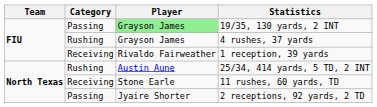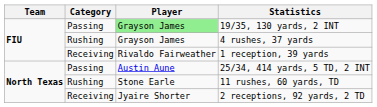 <table class="wikitable" style="float: left;">
 <tr>
 <th>Team</th>
 <th>Category</th>
 <th>Player</th>
 <th>Statistics</th>
 </tr>
 <tr>
 <td rowspan=3><strong>FIU</strong></td>
 <td>Passing</td>
 <td style="background: lightgreen;">Grayson James</td>
 <td>19/35, 130 yards, 2 INT</td>
 </tr>
 <tr>
 <td>Rushing</td>
 <td>Grayson James</td>
 <td>4 rushes, 37 yards</td>
 </tr>
 <tr>
 <td>Receiving</td>
 <td>Rivaldo Fairweather</td>
 <td>1 reception, 39 yards</td>
 </tr>
 <tr>
 <td rowspan=3><strong>North Texas</strong></td>
-<td>Rushing</td>
+<td>Passing</td>
 <td><a href='#'>Austin Aune</a></td>
 <td>25/34, 414 yards, 5 TD, 2 INT</td>
 </tr>
 <tr>
-<td>Receiving</td>
+<td>Rushing</td>
 <td>Stone Earle</td>
 <td>11 rushes, 60 yards, TD</td>
 </tr>
 <tr>
-<td>Passing</td>
+<td>Receiving</td>
 <td>Jyaire Shorter</td>
 <td>2 receptions, 92 yards, 2 TD</td>
 </tr>
 </table>
